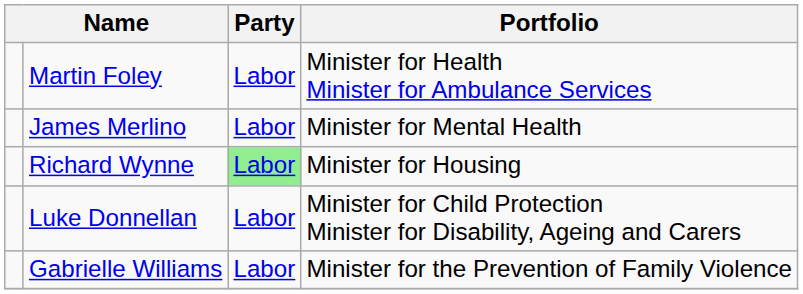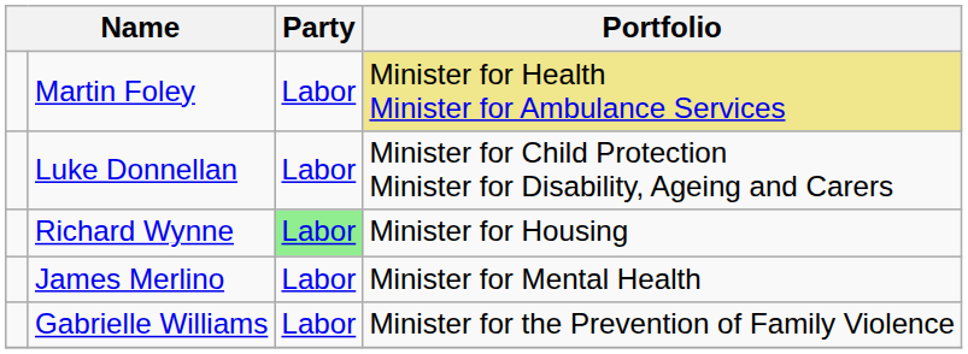 <table class="wikitable">
 <tr>
 <th colspan="2">Name</th>
 <th>Party</th>
 <th>Portfolio</th>
 </tr>
 <tr>
 <td style="background:"></td>
 <td><a href='#'>Martin Foley</a></td>
 <td><a href='#'>Labor</a></td>
-<td>Minister for Health<br><a href='#'>Minister for Ambulance Services</a></td>
+<td style="background: khaki;">Minister for Health<br><a href='#'>Minister for Ambulance Services</a></td>
 </tr>
 <tr>
-<td style="background:"></td>
-<td><a href='#'>James Merlino</a></td>
+<td width=5px style="color:inherit;background:"></td>
+<td><a href='#'>Luke Donnellan</a></td>
 <td><a href='#'>Labor</a></td>
-<td>Minister for Mental Health</td>
+<td>Minister for Child Protection <br> Minister for Disability, Ageing and Carers</td>
 </tr>
 <tr>
 <td width=5px style="color:inherit;background:"></td>
 <td><a href='#'>Richard Wynne</a></td>
 <td style="background: lightgreen;"><a href='#'>Labor</a></td>
 <td>Minister for Housing</td>
 </tr>
 <tr>
-<td width=5px style="color:inherit;background:"></td>
-<td><a href='#'>Luke Donnellan</a></td>
+<td style="background:"></td>
+<td><a href='#'>James Merlino</a></td>
 <td><a href='#'>Labor</a></td>
-<td>Minister for Child Protection <br> Minister for Disability, Ageing and Carers</td>
+<td>Minister for Mental Health</td>
 </tr>
 <tr>
 <td width=5px style="color:inherit;background:"></td>
 <td><a href='#'>Gabrielle Williams</a></td>
 <td><a href='#'>Labor</a></td>
 <td>Minister for the Prevention of Family Violence</td>
 </tr>
 <tr>
 </tr>
 </table>
